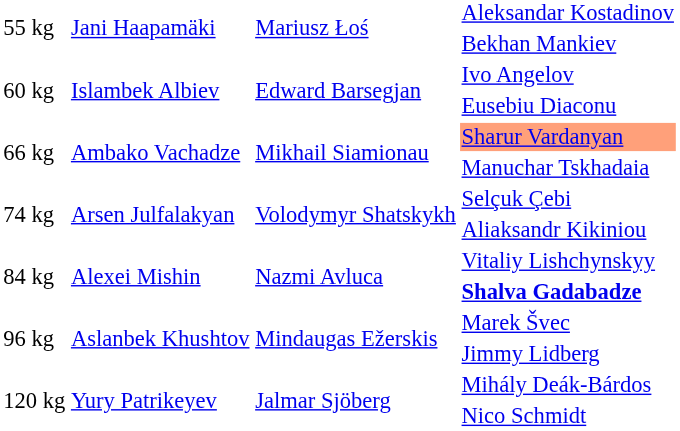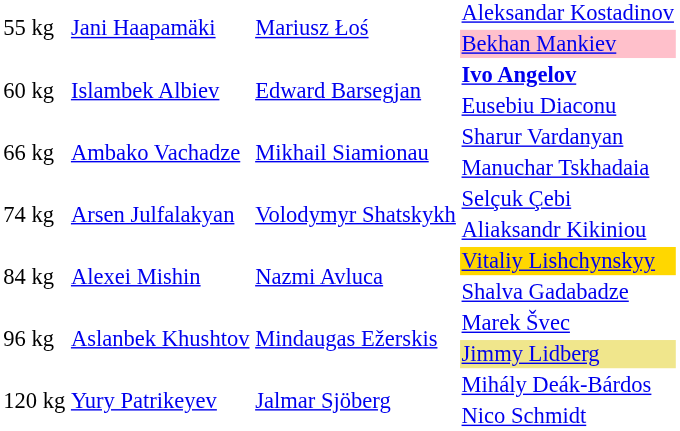 <table>
 <tr>
 <td rowspan=2>55 kg</td>
 <td rowspan=2> <a href='#'>Jani Haapamäki</a></td>
 <td rowspan=2> <a href='#'>Mariusz Łoś</a></td>
 <td> <a href='#'>Aleksandar Kostadinov</a></td>
 </tr>
 <tr>
-<td> <a href='#'>Bekhan Mankiev</a></td>
+<td style="background: pink;"> <a href='#'>Bekhan Mankiev</a></td>
 </tr>
 <tr>
 <td rowspan=2>60 kg</td>
 <td rowspan=2> <a href='#'>Islambek Albiev</a></td>
 <td rowspan=2> <a href='#'>Edward Barsegjan</a></td>
-<td> <a href='#'>Ivo Angelov</a></td>
+<td><strong> <a href='#'>Ivo Angelov</a></strong></td>
 </tr>
 <tr>
 <td> <a href='#'>Eusebiu Diaconu</a></td>
 </tr>
 <tr>
 <td rowspan=2>66 kg</td>
 <td rowspan=2> <a href='#'>Ambako Vachadze</a></td>
 <td rowspan=2> <a href='#'>Mikhail Siamionau</a></td>
-<td style="background: lightsalmon;"> <a href='#'>Sharur Vardanyan</a></td>
+<td> <a href='#'>Sharur Vardanyan</a></td>
 </tr>
 <tr>
 <td> <a href='#'>Manuchar Tskhadaia</a></td>
 </tr>
 <tr>
 <td rowspan=2>74 kg</td>
 <td rowspan=2> <a href='#'>Arsen Julfalakyan</a></td>
 <td rowspan=2> <a href='#'>Volodymyr Shatskykh</a></td>
 <td> <a href='#'>Selçuk Çebi</a></td>
 </tr>
 <tr>
 <td> <a href='#'>Aliaksandr Kikiniou</a></td>
 </tr>
 <tr>
 <td rowspan=2>84 kg</td>
 <td rowspan=2> <a href='#'>Alexei Mishin</a></td>
 <td rowspan=2> <a href='#'>Nazmi Avluca</a></td>
-<td> <a href='#'>Vitaliy Lishchynskyy</a></td>
+<td style="background: gold;"> <a href='#'>Vitaliy Lishchynskyy</a></td>
 </tr>
 <tr>
-<td><strong> <a href='#'>Shalva Gadabadze</a></strong></td>
+<td> <a href='#'>Shalva Gadabadze</a></td>
 </tr>
 <tr>
 <td rowspan=2>96 kg</td>
 <td rowspan=2> <a href='#'>Aslanbek Khushtov</a></td>
 <td rowspan=2> <a href='#'>Mindaugas Ežerskis</a></td>
 <td> <a href='#'>Marek Švec</a></td>
 </tr>
 <tr>
-<td> <a href='#'>Jimmy Lidberg</a></td>
+<td style="background: khaki;"> <a href='#'>Jimmy Lidberg</a></td>
 </tr>
 <tr>
 <td rowspan=2>120 kg</td>
 <td rowspan=2> <a href='#'>Yury Patrikeyev</a></td>
 <td rowspan=2> <a href='#'>Jalmar Sjöberg</a></td>
 <td> <a href='#'>Mihály Deák-Bárdos</a></td>
 </tr>
 <tr>
 <td> <a href='#'>Nico Schmidt</a></td>
 </tr>
 </table>
